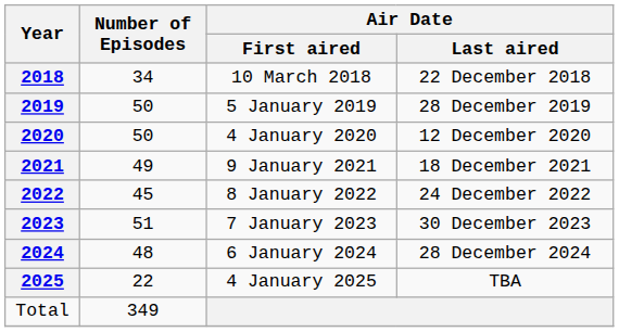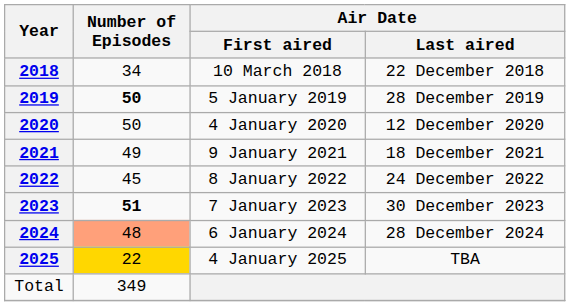 <table class="wikitable plainrowheaders" style="text-align:center; width:50%">
 <tr>
 <th rowspan=2>Year</th>
 <th rowspan=2>Number of<br>Episodes</th>
 <th colspan=2>Air Date</th>
 </tr>
 <tr>
 <th>First aired</th>
 <th>Last aired</th>
 </tr>
 <tr>
 <th><a href='#'>2018</a></th>
 <td>34</td>
 <td>10 March 2018</td>
 <td>22 December 2018</td>
 </tr>
 <tr>
 <th><a href='#'>2019</a></th>
-<td>50</td>
+<td><strong>50</strong></td>
 <td>5 January 2019</td>
 <td>28 December 2019</td>
 </tr>
 <tr>
 <th><a href='#'>2020</a></th>
 <td>50</td>
 <td>4 January 2020</td>
 <td>12 December 2020</td>
 </tr>
 <tr>
 <th><a href='#'>2021</a></th>
 <td>49</td>
 <td>9 January 2021</td>
 <td>18 December 2021</td>
 </tr>
 <tr>
 <th><a href='#'>2022</a></th>
 <td>45</td>
 <td>8 January 2022</td>
 <td>24 December 2022</td>
 </tr>
 <tr>
 <th><a href='#'>2023</a></th>
-<td>51</td>
+<td><strong>51</strong></td>
 <td>7 January 2023</td>
 <td>30 December 2023</td>
 </tr>
 <tr>
 <th><a href='#'>2024</a></th>
-<td>48</td>
+<td style="background: lightsalmon;">48</td>
 <td>6 January 2024</td>
 <td>28 December 2024</td>
 </tr>
 <tr>
 <th><a href='#'>2025</a></th>
-<td>22</td>
+<td style="background: gold;">22</td>
 <td>4 January 2025</td>
 <td>TBA</td>
 </tr>
 <tr>
 <td>Total</td>
 <td>349</td>
 <th colspan=2></th>
 </tr>
 <tr>
 </tr>
 </table>
